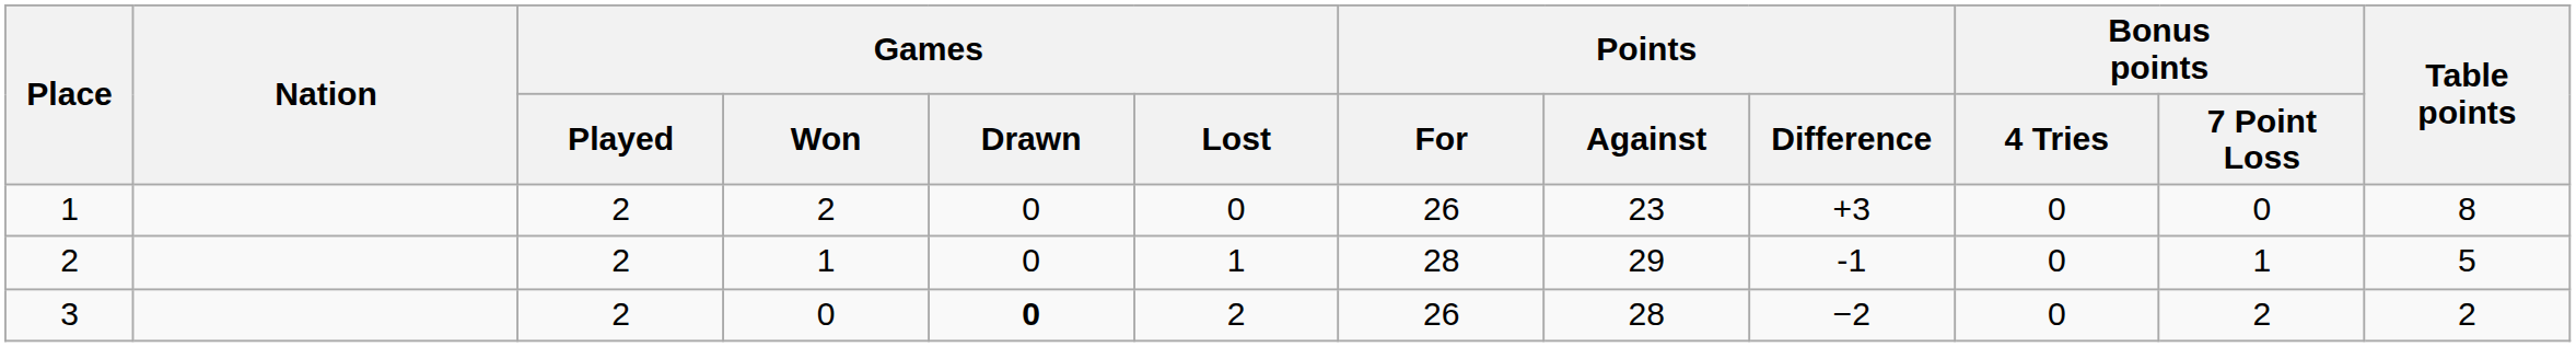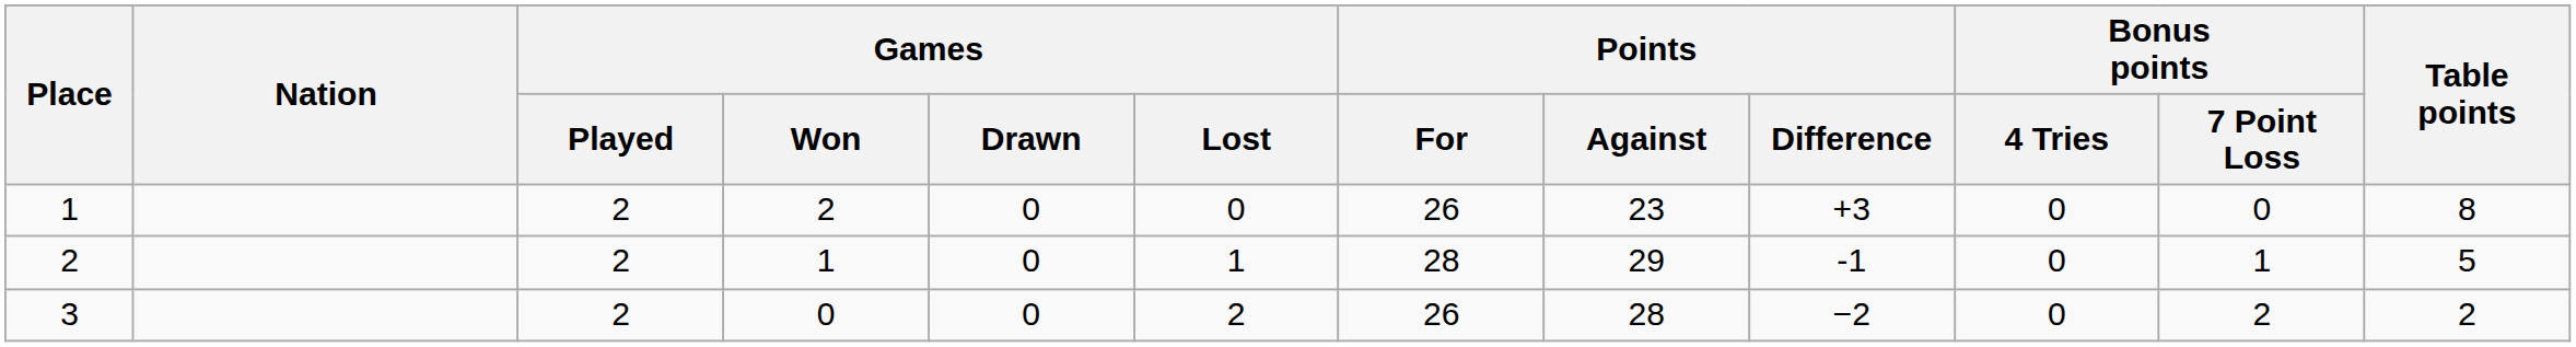 <table class="wikitable" style="text-align:center">
 <tr>
 <th rowspan=2 width="5%">Place</th>
 <th rowspan=2 width="15%">Nation</th>
 <th colspan=4 width="32%">Games</th>
 <th colspan=3 width="18%">Points</th>
 <th colspan=2 width="16%">Bonus<br>points</th>
 <th rowspan=2 width="10%">Table<br>points</th>
 </tr>
 <tr>
 <th width="8%">Played</th>
 <th width="8%">Won</th>
 <th width="8%">Drawn</th>
 <th width="8%">Lost</th>
 <th width="8%">For</th>
 <th width="8%">Against</th>
 <th width="8%">Difference</th>
 <th width="8%">4 Tries</th>
 <th width="8%">7 Point Loss</th>
 </tr>
 <tr>
 <td>1</td>
 <td align=left></td>
 <td>2</td>
 <td>2</td>
 <td>0</td>
 <td>0</td>
 <td>26</td>
 <td>23</td>
 <td>+3</td>
 <td>0</td>
 <td>0</td>
 <td>8</td>
 </tr>
 <tr>
 <td>2</td>
 <td align=left></td>
 <td>2</td>
 <td>1</td>
 <td>0</td>
 <td>1</td>
 <td>28</td>
 <td>29</td>
 <td>-1</td>
 <td>0</td>
 <td>1</td>
 <td>5</td>
 </tr>
 <tr>
 <td>3</td>
 <td align=left></td>
 <td>2</td>
 <td>0</td>
-<td><strong>0</strong></td>
+<td>0</td>
 <td>2</td>
 <td>26</td>
 <td>28</td>
 <td>−2</td>
 <td>0</td>
 <td>2</td>
 <td>2</td>
 </tr>
 </table>
